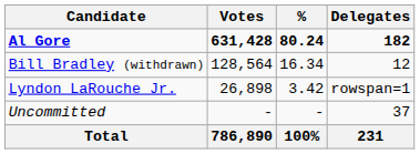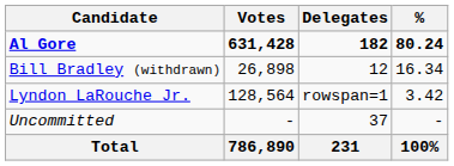 <table class="wikitable sortable" style="text-align:right;">
 <tr>
 <th>Candidate</th>
 <th>Votes</th>
+<th>Delegates</th>
 <th>%</th>
-<th>Delegates</th>
 </tr>
 <tr>
 <td style="text-align:left;" data-sort-value="Gore, Al"><strong><a href='#'>Al Gore</a></strong></td>
 <td><strong>631,428</strong></td>
+<td><strong>182</strong></td>
 <td><strong>80.24</strong></td>
-<td><strong>182</strong></td>
 </tr>
 <tr>
 <td style="text-align:left;" data-sort-value="Bradley, Bill"><a href='#'>Bill Bradley</a> <small>(withdrawn)</small></td>
-<td>128,564</td>
+<td>26,898</td>
+<td>12</td>
 <td>16.34</td>
-<td>12</td>
 </tr>
 <tr>
 <td style="text-align:left;" data-sort-value="LaRouche Jr., Lyndon"><a href='#'>Lyndon LaRouche Jr.</a></td>
-<td>26,898</td>
+<td>128,564</td>
+<td>rowspan=1 </td>
 <td>3.42</td>
-<td>rowspan=1 </td>
 </tr>
 <tr>
 <td style="text-align:left;" data-sort-value="ZZZ"><em>Uncommitted</em></td>
 <td>-</td>
+<td>37</td>
 <td>-</td>
-<td>37</td>
 </tr>
 <tr>
 <th>Total</th>
 <th>786,890</th>
+<th>231</th>
 <th>100%</th>
-<th>231</th>
 </tr>
 </table>
